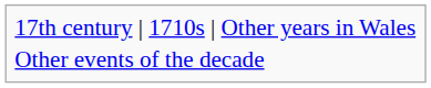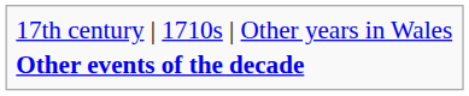 <table class="infobox" id="toc">
 <tr>
 <td align="left"><a href='#'>17th century</a> | <a href='#'>1710s</a> | <a href='#'>Other years in Wales</a></td>
 </tr>
 <tr>
-<td><a href='#'>Other events of the decade</a></td>
+<td><strong><a href='#'>Other events of the decade</a></strong></td>
 </tr>
 </table>
